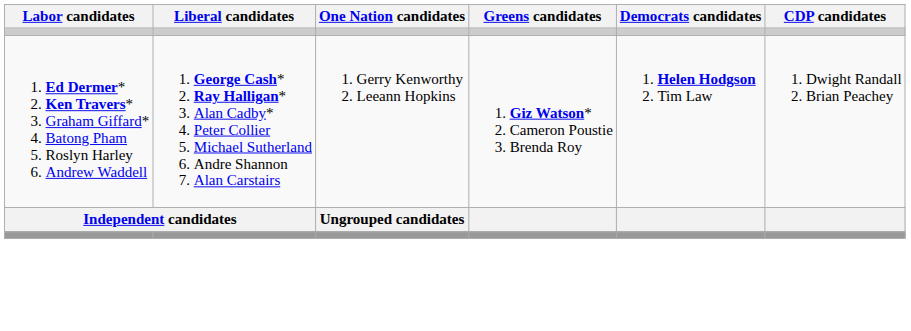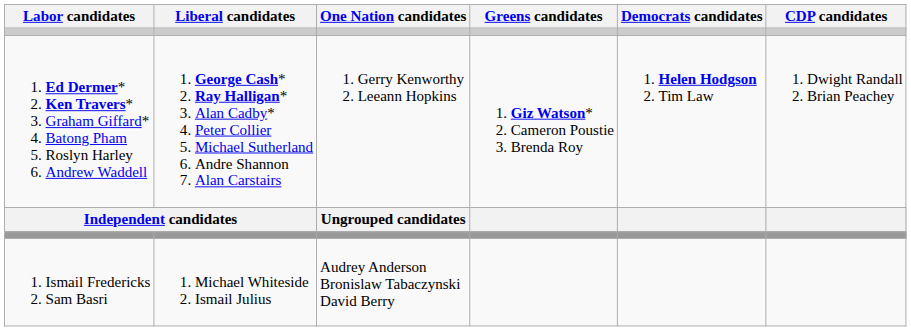 <table class="wikitable">
 <tr>
 <th><a href='#'>Labor</a> candidates</th>
 <th><a href='#'>Liberal</a> candidates</th>
 <th><a href='#'>One Nation</a> candidates</th>
 <th><a href='#'>Greens</a> candidates</th>
 <th><a href='#'>Democrats</a> candidates</th>
 <th><a href='#'>CDP</a> candidates</th>
 </tr>
 <tr bgcolor="#cccccc">
 <td></td>
 <td></td>
 <td></td>
 <td></td>
 <td></td>
 <td></td>
 </tr>
 <tr>
 <td><br><ol><li><strong><a href='#'>Ed Dermer</a></strong>*</li><li><strong><a href='#'>Ken Travers</a></strong>*</li><li><a href='#'>Graham Giffard</a>*</li><li><a href='#'>Batong Pham</a></li><li>Roslyn Harley</li><li><a href='#'>Andrew Waddell</a></li></ol></td>
 <td><br><ol><li><strong><a href='#'>George Cash</a></strong>*</li><li><strong><a href='#'>Ray Halligan</a></strong>*</li><li><a href='#'>Alan Cadby</a>*</li><li><a href='#'>Peter Collier</a></li><li><a href='#'>Michael Sutherland</a></li><li>Andre Shannon</li><li><a href='#'>Alan Carstairs</a></li></ol></td>
 <td valign=top><br><ol><li>Gerry Kenworthy</li><li>Leeann Hopkins</li></ol></td>
 <td><br><ol><li><strong><a href='#'>Giz Watson</a></strong>*</li><li>Cameron Poustie</li><li>Brenda Roy</li></ol></td>
 <td valign=top><br><ol><li><strong><a href='#'>Helen Hodgson</a></strong></li><li>Tim Law</li></ol></td>
 <td valign=top><br><ol><li>Dwight Randall</li><li>Brian Peachey</li></ol></td>
 </tr>
 <tr bgcolor="#cccccc">
 <th colspan="2"><a href='#'>Independent</a> candidates</th>
 <th>Ungrouped candidates</th>
 <th></th>
 <th></th>
 <th></th>
 </tr>
 <tr bgcolor="#999999">
 <td bgcolor="#999999"></td>
 <td bgcolor="#999999"></td>
 <td bgcolor="#999999"></td>
 <td bgcolor="#999999"></td>
 <td bgcolor="#999999"></td>
 <td bgcolor="#999999"></td>
 </tr>
+<tr>
+<td valign=top><br><ol><li>Ismail Fredericks</li><li>Sam Basri</li></ol></td>
+<td valign=top><br><ol><li>Michael Whiteside</li><li>Ismail Julius</li></ol></td>
+<td valign=top><br>Audrey Anderson<br> Bronislaw Tabaczynski<br> David Berry</td>
+<td valign=top></td>
+<td valign=top></td>
+<td valign=top></td>
+</tr>
 </table>
